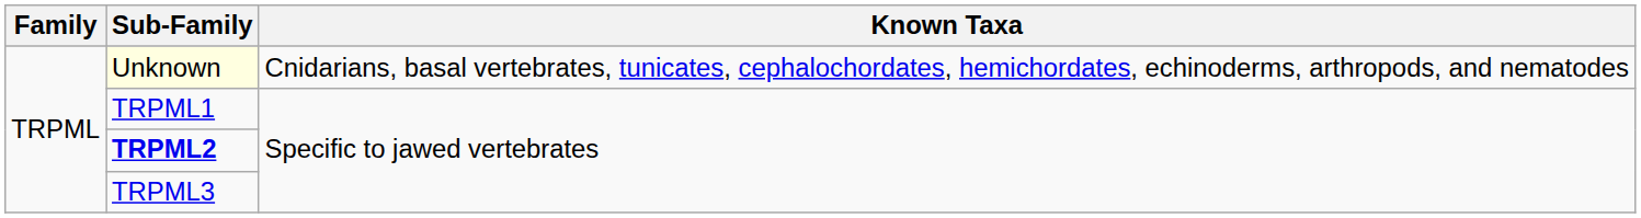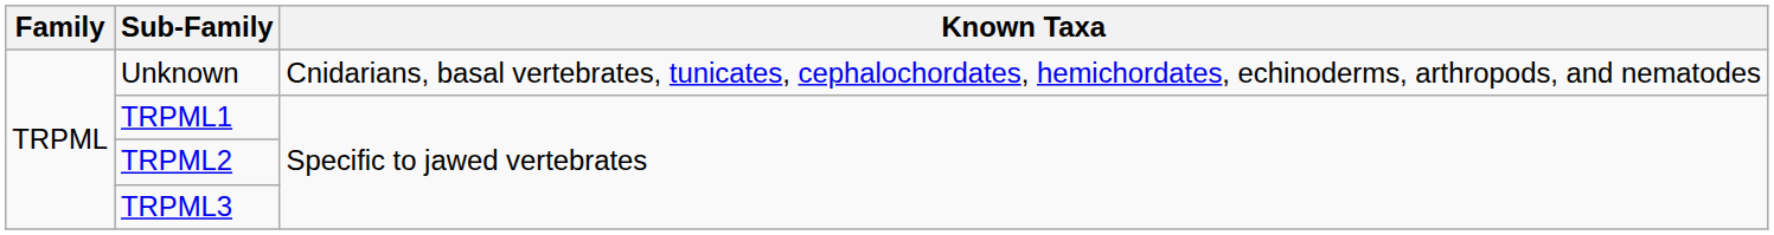 <table class="wikitable">
 <tr>
 <th>Family</th>
 <th>Sub-Family</th>
 <th>Known Taxa</th>
 </tr>
 <tr>
 <td rowspan="4">TRPML</td>
-<td style="background: lightyellow;">Unknown</td>
+<td>Unknown</td>
 <td>Cnidarians, basal vertebrates, <a href='#'>tunicates</a>, <a href='#'>cephalochordates</a>, <a href='#'>hemichordates</a>, echinoderms, arthropods, and nematodes</td>
 </tr>
 <tr>
 <td><a href='#'>TRPML1</a></td>
 <td rowspan="3">Specific to jawed vertebrates</td>
 </tr>
 <tr>
-<td><strong><a href='#'>TRPML2</a></strong></td>
+<td><a href='#'>TRPML2</a></td>
 </tr>
 <tr>
 <td><a href='#'>TRPML3</a></td>
 </tr>
 </table>
